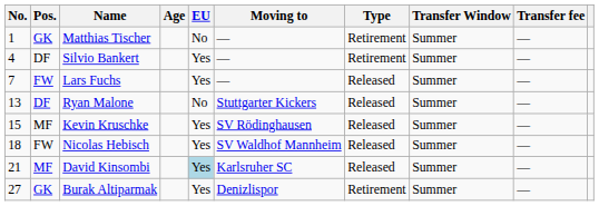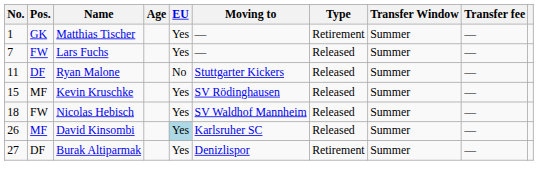 <table class="wikitable" Style="font-size:90%">
 <tr>
 <th>No.</th>
 <th>Pos.</th>
 <th>Name</th>
 <th>Age</th>
 <th><a href='#'>EU</a></th>
 <th>Moving to</th>
 <th>Type</th>
 <th>Transfer Window</th>
 <th>Transfer fee</th>
 <th></th>
 </tr>
 <tr>
 <td>1</td>
 <td><a href='#'>GK</a></td>
 <td> <a href='#'>Matthias Tischer</a></td>
-<td></td>
-<td>No</td>
-<td>—</td>
-<td>Retirement</td>
-<td>Summer</td>
-<td>—</td>
-<td></td>
-</tr>
-<tr>
-<td>4</td>
-<td>DF</td>
-<td> <a href='#'>Silvio Bankert</a></td>
 <td></td>
 <td>Yes</td>
 <td>—</td>
 <td>Retirement</td>
 <td>Summer</td>
 <td>—</td>
 <td></td>
 </tr>
 <tr>
 <td>7</td>
 <td><a href='#'>FW</a></td>
 <td> <a href='#'>Lars Fuchs</a></td>
 <td></td>
 <td>Yes</td>
 <td>—</td>
 <td>Released</td>
 <td>Summer</td>
 <td>—</td>
 <td></td>
 </tr>
 <tr>
-<td>13</td>
+<td>11</td>
 <td><a href='#'>DF</a></td>
 <td> <a href='#'>Ryan Malone</a></td>
 <td></td>
 <td>No</td>
 <td><a href='#'>Stuttgarter Kickers</a></td>
 <td>Released</td>
 <td>Summer</td>
 <td>—</td>
 <td></td>
 </tr>
 <tr>
 <td>15</td>
 <td>MF</td>
 <td> <a href='#'>Kevin Kruschke</a></td>
 <td></td>
 <td>Yes</td>
 <td><a href='#'>SV Rödinghausen</a></td>
 <td>Released</td>
 <td>Summer</td>
 <td>—</td>
 <td></td>
 </tr>
 <tr>
 <td>18</td>
 <td>FW</td>
 <td> <a href='#'>Nicolas Hebisch</a></td>
 <td></td>
 <td>Yes</td>
 <td><a href='#'>SV Waldhof Mannheim</a></td>
 <td>Released</td>
 <td>Summer</td>
 <td>—</td>
 <td></td>
 </tr>
 <tr>
-<td>21</td>
+<td>26</td>
 <td><a href='#'>MF</a></td>
 <td> <a href='#'>David Kinsombi</a></td>
 <td></td>
 <td style="background: lightblue;">Yes</td>
 <td><a href='#'>Karlsruher SC</a></td>
 <td>Released</td>
 <td>Summer</td>
 <td>—</td>
 <td></td>
 </tr>
 <tr>
 <td>27</td>
-<td><a href='#'>GK</a></td>
+<td>DF</td>
 <td> <a href='#'>Burak Altiparmak</a></td>
 <td></td>
 <td>Yes</td>
 <td><a href='#'>Denizlispor</a></td>
 <td>Retirement</td>
 <td>Summer</td>
 <td>—</td>
 <td></td>
 </tr>
 </table>
